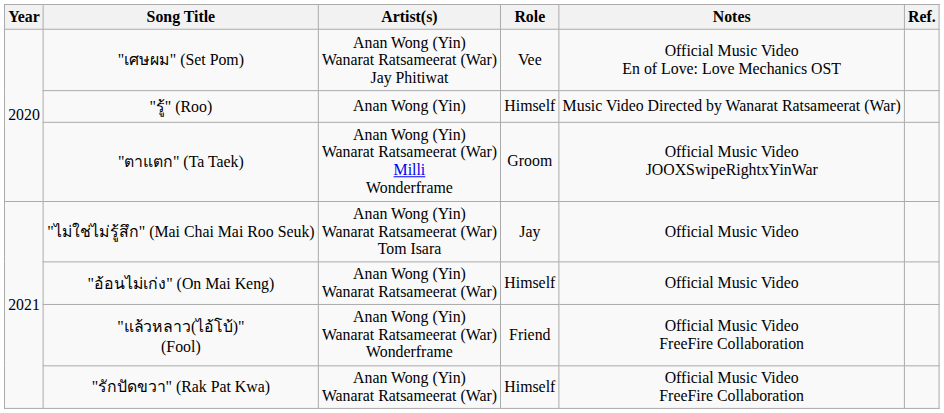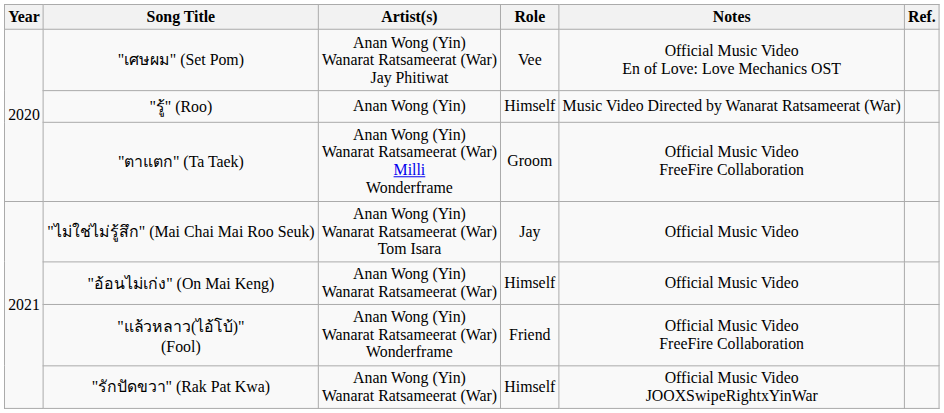 <table class="wikitable" style="text-align:center;">
 <tr>
 <th>Year</th>
 <th>Song Title</th>
 <th>Artist(s)</th>
 <th>Role</th>
 <th>Notes</th>
 <th>Ref.</th>
 </tr>
 <tr>
 <td rowspan="3">2020</td>
 <td>"เศษผม" (Set Pom)</td>
 <td>Anan Wong (Yin)<br>Wanarat Ratsameerat (War)<br>Jay Phitiwat</td>
 <td>Vee</td>
 <td>Official Music Video<br>En of Love: Love Mechanics OST</td>
 <td></td>
 </tr>
 <tr>
 <td>"รู้" (Roo)</td>
 <td>Anan Wong (Yin)</td>
 <td>Himself</td>
 <td>Music Video Directed by Wanarat Ratsameerat (War)</td>
 <td></td>
 </tr>
 <tr>
 <td>"ตาแตก" (Ta Taek)</td>
 <td>Anan Wong (Yin)<br>Wanarat Ratsameerat (War)<br><a href='#'>Milli</a><br>Wonderframe</td>
 <td>Groom</td>
-<td>Official Music Video<br>JOOXSwipeRightxYinWar</td>
+<td>Official Music Video<br>FreeFire Collaboration</td>
 <td></td>
 </tr>
 <tr>
 <td rowspan="4">2021</td>
 <td>"ไม่ใช่ไม่รู้สึก" (Mai Chai Mai Roo Seuk)</td>
 <td>Anan Wong (Yin)<br>Wanarat Ratsameerat (War)<br>Tom Isara</td>
 <td>Jay</td>
 <td>Official Music Video</td>
 <td></td>
 </tr>
 <tr>
 <td>"อ้อนไม่เก่ง" (On Mai Keng)</td>
 <td>Anan Wong (Yin)<br>Wanarat Ratsameerat (War)</td>
 <td>Himself</td>
 <td>Official Music Video</td>
 <td></td>
 </tr>
 <tr>
 <td>"แล้วหลาว(ไอ้โบ้)"<br>(Fool)</td>
 <td>Anan Wong (Yin)<br>Wanarat Ratsameerat (War)<br>Wonderframe</td>
 <td>Friend</td>
 <td>Official Music Video<br>FreeFire Collaboration</td>
 <td></td>
 </tr>
 <tr>
 <td>"รักปัดขวา" (Rak Pat Kwa)</td>
 <td>Anan Wong (Yin)<br>Wanarat Ratsameerat (War)</td>
 <td>Himself</td>
-<td>Official Music Video<br>FreeFire Collaboration</td>
+<td>Official Music Video<br>JOOXSwipeRightxYinWar</td>
 <td></td>
 </tr>
 </table>
